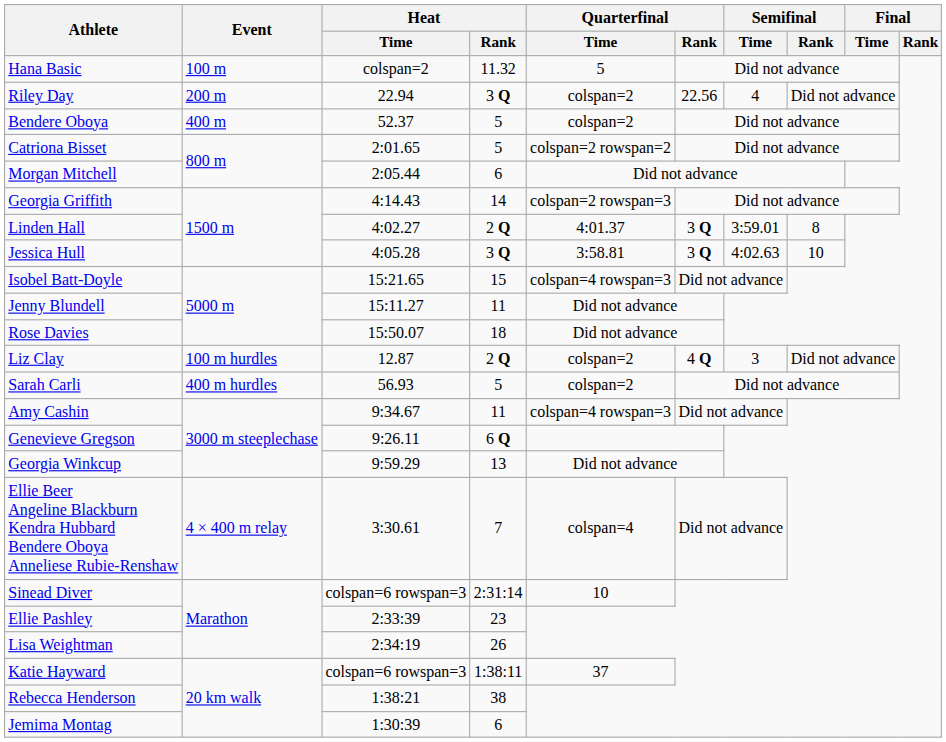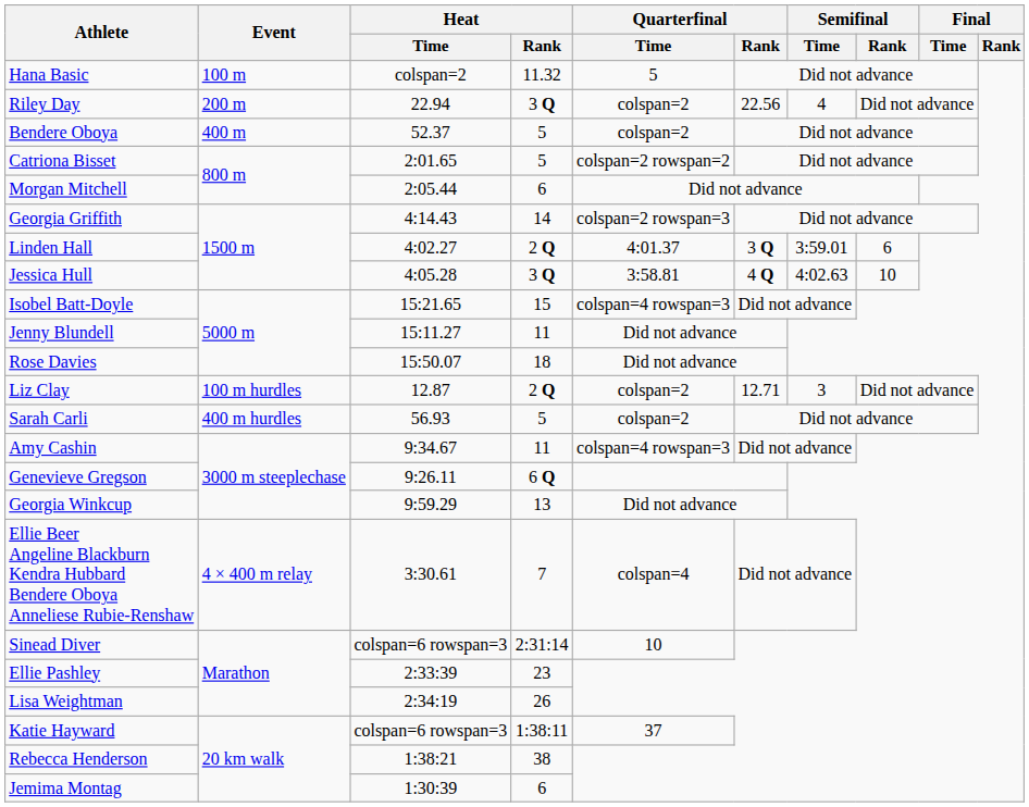 <table class=wikitable style=font-size:90%;text-align:center>
 <tr>
 <th rowspan=2>Athlete</th>
 <th rowspan=2>Event</th>
 <th colspan=2>Heat</th>
 <th colspan=2>Quarterfinal</th>
 <th colspan=2>Semifinal</th>
 <th colspan=2>Final</th>
 </tr>
 <tr style=font-size:95%>
 <th>Time</th>
 <th>Rank</th>
 <th>Time</th>
 <th>Rank</th>
 <th>Time</th>
 <th>Rank</th>
 <th>Time</th>
 <th>Rank</th>
 </tr>
 <tr>
 <td align=left><a href='#'>Hana Basic</a></td>
 <td align=left><a href='#'>100 m</a></td>
 <td>colspan=2 </td>
 <td>11.32</td>
 <td>5</td>
 <td colspan=4>Did not advance</td>
 </tr>
 <tr>
 <td align=left><a href='#'>Riley Day</a></td>
 <td align=left><a href='#'>200 m</a></td>
 <td>22.94</td>
 <td>3 <strong>Q</strong></td>
 <td>colspan=2 </td>
 <td>22.56 <strong></strong></td>
 <td>4</td>
 <td colspan=2>Did not advance</td>
 </tr>
 <tr>
 <td align=left><a href='#'>Bendere Oboya</a></td>
 <td align=left><a href='#'>400 m</a></td>
 <td>52.37</td>
 <td>5</td>
 <td>colspan=2 </td>
 <td colspan="4">Did not advance</td>
 </tr>
 <tr>
 <td align=left><a href='#'>Catriona Bisset</a></td>
 <td align=left rowspan=2><a href='#'>800 m</a></td>
 <td>2:01.65</td>
 <td>5</td>
 <td>colspan=2 rowspan=2 </td>
 <td colspan=4>Did not advance</td>
 </tr>
 <tr>
 <td align=left><a href='#'>Morgan Mitchell</a></td>
 <td>2:05.44</td>
 <td>6</td>
 <td colspan=4>Did not advance</td>
 </tr>
 <tr>
 <td align=left><a href='#'>Georgia Griffith</a></td>
 <td align=left rowspan=3><a href='#'>1500 m</a></td>
 <td>4:14.43</td>
 <td>14</td>
 <td>colspan=2 rowspan=3 </td>
 <td colspan=4>Did not advance</td>
 </tr>
 <tr>
 <td align=left><a href='#'>Linden Hall</a></td>
 <td>4:02.27</td>
 <td>2 <strong>Q</strong></td>
 <td>4:01.37</td>
 <td>3 <strong>Q</strong></td>
 <td>3:59.01 <strong></strong></td>
-<td>8</td>
+<td>6</td>
 </tr>
 <tr>
 <td align=left><a href='#'>Jessica Hull</a></td>
 <td>4:05.28</td>
 <td>3 <strong>Q</strong></td>
 <td>3:58.81 <strong></strong></td>
-<td>3 <strong>Q</strong></td>
+<td>4 <strong>Q</strong></td>
 <td>4:02.63</td>
 <td>10</td>
 </tr>
 <tr>
 <td align=left><a href='#'>Isobel Batt-Doyle</a></td>
 <td align=left rowspan=3><a href='#'>5000 m</a></td>
 <td>15:21.65</td>
 <td>15</td>
 <td>colspan=4 rowspan=3 </td>
 <td colspan=2>Did not advance</td>
 </tr>
 <tr>
 <td align=left><a href='#'>Jenny Blundell</a></td>
 <td>15:11.27</td>
 <td>11</td>
 <td colspan=2>Did not advance</td>
 </tr>
 <tr>
 <td align=left><a href='#'>Rose Davies</a></td>
 <td>15:50.07</td>
 <td>18</td>
 <td colspan=2>Did not advance</td>
 </tr>
 <tr>
 <td align=left><a href='#'>Liz Clay</a></td>
 <td align=left><a href='#'>100 m hurdles</a></td>
 <td>12.87</td>
 <td>2 <strong>Q</strong></td>
 <td>colspan=2 </td>
-<td>4 <strong>Q</strong></td>
+<td>12.71 <strong></strong></td>
 <td>3</td>
 <td colspan=2>Did not advance</td>
 </tr>
 <tr>
 <td align=left><a href='#'>Sarah Carli</a></td>
 <td align=left><a href='#'>400 m hurdles</a></td>
 <td>56.93</td>
 <td>5</td>
 <td>colspan=2 </td>
 <td colspan=4>Did not advance</td>
 </tr>
 <tr>
 <td align=left><a href='#'>Amy Cashin</a></td>
 <td align=left rowspan=3><a href='#'>3000 m steeplechase</a></td>
 <td>9:34.67</td>
 <td>11</td>
 <td>colspan=4 rowspan=3 </td>
 <td colspan=2>Did not advance</td>
 </tr>
 <tr>
 <td align=left><a href='#'>Genevieve Gregson</a></td>
 <td>9:26.11</td>
 <td>6 <strong>Q</strong></td>
 <td colspan=2></td>
 </tr>
 <tr>
 <td align=left><a href='#'>Georgia Winkcup</a></td>
 <td>9:59.29</td>
 <td>13</td>
 <td colspan=2>Did not advance</td>
 </tr>
 <tr>
 <td align=left><a href='#'>Ellie Beer</a><br><a href='#'>Angeline Blackburn</a><br><a href='#'>Kendra Hubbard</a><br><a href='#'>Bendere Oboya</a><br><a href='#'>Anneliese Rubie-Renshaw</a></td>
 <td align=left><a href='#'>4 × 400 m relay</a></td>
 <td>3:30.61</td>
 <td>7</td>
 <td>colspan=4 </td>
 <td colspan=2>Did not advance</td>
 </tr>
 <tr>
 <td align=left><a href='#'>Sinead Diver</a></td>
 <td align=left rowspan=3><a href='#'>Marathon</a></td>
 <td>colspan=6 rowspan=3 </td>
 <td>2:31:14 <strong></strong></td>
 <td>10</td>
 </tr>
 <tr>
 <td align=left><a href='#'>Ellie Pashley</a></td>
 <td>2:33:39 <strong></strong></td>
 <td>23</td>
 </tr>
 <tr>
 <td align=left><a href='#'>Lisa Weightman</a></td>
 <td>2:34:19 <strong></strong></td>
 <td>26</td>
 </tr>
 <tr>
 <td align=left><a href='#'>Katie Hayward</a></td>
 <td align=left rowspan=3><a href='#'>20 km walk</a></td>
 <td>colspan=6 rowspan=3 </td>
 <td>1:38:11</td>
 <td>37</td>
 </tr>
 <tr>
 <td align=left><a href='#'>Rebecca Henderson</a></td>
 <td>1:38:21</td>
 <td>38</td>
 </tr>
 <tr>
 <td align=left><a href='#'>Jemima Montag</a></td>
 <td>1:30:39</td>
 <td>6</td>
 </tr>
 </table>
